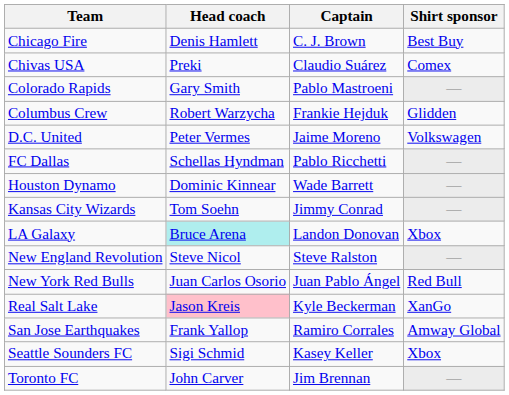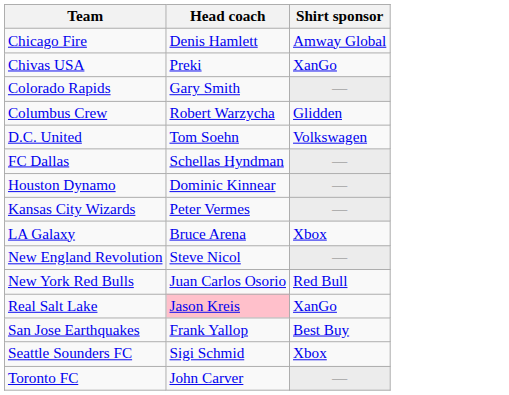 <table class="wikitable sortable" style="text-align: left;">
 <tr>
 <th>Team</th>
 <th>Head coach</th>
-<th>Captain</th>
 <th>Shirt sponsor</th>
 </tr>
 <tr>
 <td><a href='#'>Chicago Fire</a></td>
 <td> <a href='#'>Denis Hamlett</a></td>
-<td> <a href='#'>C. J. Brown</a></td>
-<td><a href='#'>Best Buy</a></td>
+<td><a href='#'>Amway Global</a></td>
 </tr>
 <tr>
 <td><a href='#'>Chivas USA</a></td>
 <td> <a href='#'>Preki</a></td>
-<td> <a href='#'>Claudio Suárez</a></td>
-<td><a href='#'>Comex</a></td>
+<td><a href='#'>XanGo</a></td>
 </tr>
 <tr>
 <td><a href='#'>Colorado Rapids</a></td>
 <td> <a href='#'>Gary Smith</a></td>
-<td> <a href='#'>Pablo Mastroeni</a></td>
 <td align="center" colspan="1" style="background:#ececec; color:gray">—</td>
 </tr>
 <tr>
 <td><a href='#'>Columbus Crew</a></td>
 <td> <a href='#'>Robert Warzycha</a></td>
-<td> <a href='#'>Frankie Hejduk</a></td>
 <td><a href='#'>Glidden</a></td>
 </tr>
 <tr>
 <td><a href='#'>D.C. United</a></td>
-<td> <a href='#'>Peter Vermes</a></td>
-<td> <a href='#'>Jaime Moreno</a></td>
+<td> <a href='#'>Tom Soehn</a></td>
 <td><a href='#'>Volkswagen</a></td>
 </tr>
 <tr>
 <td><a href='#'>FC Dallas</a></td>
 <td> <a href='#'>Schellas Hyndman</a></td>
-<td> <a href='#'>Pablo Ricchetti</a></td>
 <td align="center" colspan="1" style="background:#ececec; color:gray">—</td>
 </tr>
 <tr>
 <td><a href='#'>Houston Dynamo</a></td>
 <td> <a href='#'>Dominic Kinnear</a></td>
-<td> <a href='#'>Wade Barrett</a></td>
 <td align="center" colspan="1" style="background:#ececec; color:gray">—</td>
 </tr>
 <tr>
 <td><a href='#'>Kansas City Wizards</a></td>
-<td> <a href='#'>Tom Soehn</a></td>
-<td> <a href='#'>Jimmy Conrad</a></td>
+<td> <a href='#'>Peter Vermes</a></td>
 <td align="center" colspan="1" style="background:#ececec; color:gray">—</td>
 </tr>
 <tr>
 <td><a href='#'>LA Galaxy</a></td>
-<td style="background: paleturquoise;"> <a href='#'>Bruce Arena</a></td>
-<td> <a href='#'>Landon Donovan</a></td>
+<td> <a href='#'>Bruce Arena</a></td>
 <td><a href='#'>Xbox</a></td>
 </tr>
 <tr>
 <td><a href='#'>New England Revolution</a></td>
 <td> <a href='#'>Steve Nicol</a></td>
-<td> <a href='#'>Steve Ralston</a></td>
 <td align="center" colspan="1" style="background:#ececec; color:gray">—</td>
 </tr>
 <tr>
 <td><a href='#'>New York Red Bulls</a></td>
 <td> <a href='#'>Juan Carlos Osorio</a></td>
-<td> <a href='#'>Juan Pablo Ángel</a></td>
 <td><a href='#'>Red Bull</a></td>
 </tr>
 <tr>
 <td><a href='#'>Real Salt Lake</a></td>
 <td style="background: pink;"> <a href='#'>Jason Kreis</a></td>
-<td> <a href='#'>Kyle Beckerman</a></td>
 <td><a href='#'>XanGo</a></td>
 </tr>
 <tr>
 <td><a href='#'>San Jose Earthquakes</a></td>
 <td> <a href='#'>Frank Yallop</a></td>
-<td> <a href='#'>Ramiro Corrales</a></td>
-<td><a href='#'>Amway Global</a></td>
+<td><a href='#'>Best Buy</a></td>
 </tr>
 <tr>
 <td><a href='#'>Seattle Sounders FC</a></td>
 <td> <a href='#'>Sigi Schmid</a></td>
-<td> <a href='#'>Kasey Keller</a></td>
 <td><a href='#'>Xbox</a></td>
 </tr>
 <tr>
 <td><a href='#'>Toronto FC</a></td>
 <td> <a href='#'>John Carver</a></td>
-<td> <a href='#'>Jim Brennan</a></td>
 <td align="center" colspan="1" style="background:#ececec; color:gray">—</td>
 </tr>
 </table>
